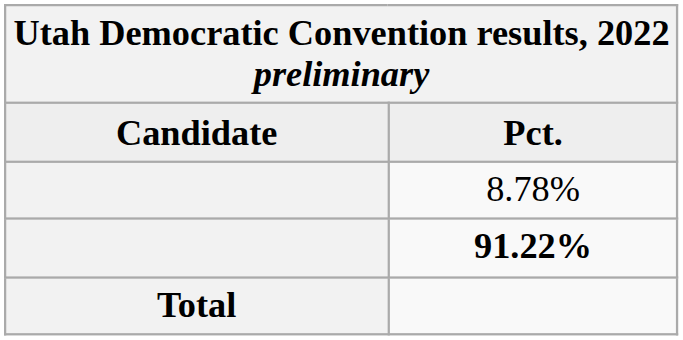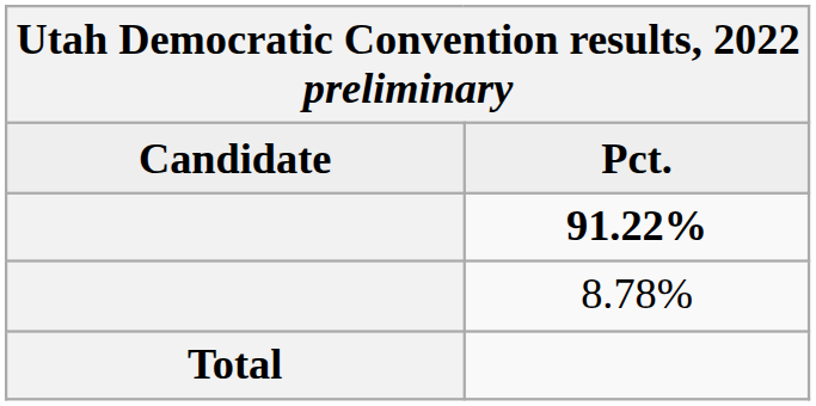 <table class="wikitable plainrowheaders">
 <tr>
 <th colspan="2" >Utah Democratic Convention results, 2022<br><em>preliminary</em></th>
 </tr>
 <tr style="background:#eee; text-align:center;">
 <td style="text-align:center;"><strong>Candidate</strong></td>
 <td style="text-align:center;"><strong>Pct.</strong></td>
 </tr>
 <tr>
+<th scope="row"><strong></strong></th>
+<td style="text-align:center;"><strong>91.22%</strong></td>
+</tr>
+<tr>
 <th scope="row"></th>
 <td style="text-align:center;">8.78%</td>
-</tr>
-<tr>
-<th scope="row"><strong></strong></th>
-<td style="text-align:center;"><strong>91.22%</strong></td>
 </tr>
 <tr>
 <th scope="row"><strong>Total</strong></th>
 <td style="text-align:center;"><strong></strong></td>
 </tr>
 </table>
